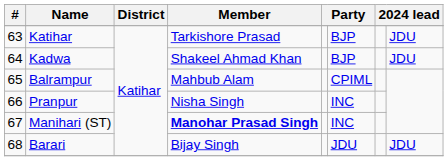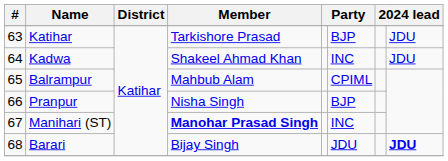 <table class="wikitable">
 <tr>
 <th>#</th>
 <th>Name</th>
 <th>District</th>
 <th>Member</th>
 <th colspan="2">Party</th>
 <th colspan="2">2024 lead</th>
 </tr>
 <tr>
 </tr>
 <tr>
 <td>63</td>
 <td><a href='#'>Katihar</a></td>
 <td rowspan="6"><a href='#'>Katihar</a></td>
 <td><a href='#'>Tarkishore Prasad</a></td>
 <td style="background-color: "></td>
 <td><a href='#'>BJP</a></td>
 <td style="background-color: "></td>
 <td><a href='#'>JDU</a></td>
 </tr>
 <tr>
 <td>64</td>
 <td><a href='#'>Kadwa</a></td>
 <td><a href='#'>Shakeel Ahmad Khan</a></td>
 <td style="background-color: "></td>
-<td><a href='#'>BJP</a></td>
+<td><a href='#'>INC</a></td>
 <td style="background-color: "></td>
 <td><a href='#'>JDU</a></td>
 </tr>
 <tr>
 <td>65</td>
 <td><a href='#'>Balrampur</a></td>
 <td><a href='#'>Mahbub Alam</a></td>
 <td style="background-color:"></td>
 <td><a href='#'>CPIML</a></td>
 <td></td>
 </tr>
 <tr>
 <td>66</td>
 <td><a href='#'>Pranpur</a></td>
 <td><a href='#'>Nisha Singh</a></td>
 <td style="background-color: "></td>
-<td><a href='#'>INC</a></td>
+<td><a href='#'>BJP</a></td>
 <td></td>
 </tr>
 <tr>
 <td>67</td>
 <td><a href='#'>Manihari</a> (ST)</td>
 <td><strong><a href='#'>Manohar Prasad Singh</a></strong></td>
 <td style="background-color: "></td>
 <td><a href='#'>INC</a></td>
 <td></td>
 </tr>
 <tr>
 <td>68</td>
 <td><a href='#'>Barari</a></td>
 <td><a href='#'>Bijay Singh</a></td>
 <td style="background-color: "></td>
 <td><a href='#'>JDU</a></td>
 <td style="background-color: "></td>
-<td><a href='#'>JDU</a></td>
+<td><strong><a href='#'>JDU</a></strong></td>
 </tr>
 <tr>
 </tr>
 </table>
